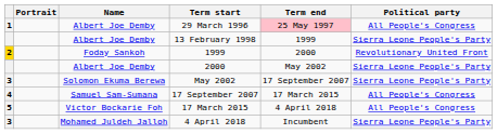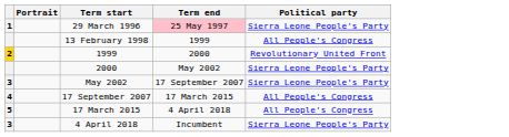 <table class="wikitable" style="text-align:center">
 <tr>
 <th></th>
 <th>Portrait</th>
-<th>Name<br></th>
 <th>Term start</th>
 <th>Term end</th>
 <th>Political party</th>
 </tr>
 <tr>
 <th style="background-color:">1</th>
 <td></td>
-<td><a href='#'>Albert Joe Demby</a><br></td>
 <td>29 March 1996</td>
 <td style="background: pink;">25 May 1997</td>
-<td><a href='#'>All People's Congress</a></td>
+<td><a href='#'>Sierra Leone People's Party</a></td>
 </tr>
 <tr>
 <th style="background-color:"></th>
 <td></td>
-<td><a href='#'>Albert Joe Demby</a><br></td>
 <td>13 February 1998</td>
 <td>1999</td>
-<td><a href='#'>Sierra Leone People's Party</a></td>
+<td><a href='#'>All People's Congress</a></td>
 </tr>
 <tr>
 <th style="background-color:Gold; color:black">2</th>
 <td></td>
-<td><a href='#'>Foday Sankoh</a><br></td>
 <td>1999</td>
 <td>2000</td>
 <td><a href='#'>Revolutionary United Front</a></td>
 </tr>
 <tr>
 <th style="background-color:"></th>
 <td></td>
-<td><a href='#'>Albert Joe Demby</a><br></td>
 <td>2000</td>
 <td>May 2002</td>
 <td><a href='#'>Sierra Leone People's Party</a></td>
 </tr>
 <tr>
 <th style="background-color:">3</th>
 <td></td>
-<td><a href='#'>Solomon Ekuma Berewa</a><br></td>
 <td>May 2002</td>
 <td>17 September 2007</td>
 <td><a href='#'>Sierra Leone People's Party</a></td>
 </tr>
 <tr>
 <th style="background-color:">4</th>
 <td></td>
-<td><a href='#'>Samuel Sam-Sumana</a><br></td>
 <td>17 September 2007</td>
 <td>17 March 2015</td>
 <td><a href='#'>All People's Congress</a></td>
 </tr>
 <tr>
 <th style="background-color:">5</th>
 <td></td>
-<td><a href='#'>Victor Bockarie Foh</a><br></td>
 <td>17 March 2015</td>
 <td>4 April 2018</td>
 <td><a href='#'>All People's Congress</a></td>
 </tr>
 <tr>
 <th style="background-color:">3</th>
 <td></td>
-<td><a href='#'>Mohamed Juldeh Jalloh</a><br></td>
 <td>4 April 2018</td>
 <td>Incumbent</td>
 <td><a href='#'>Sierra Leone People's Party</a></td>
 </tr>
 </table>
